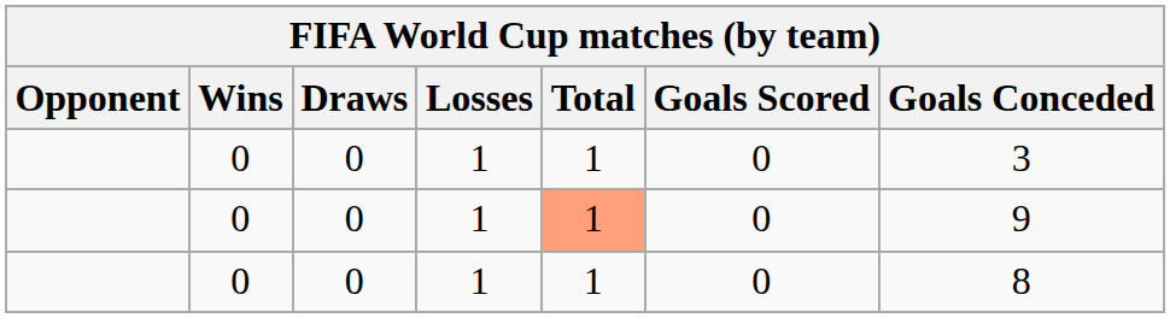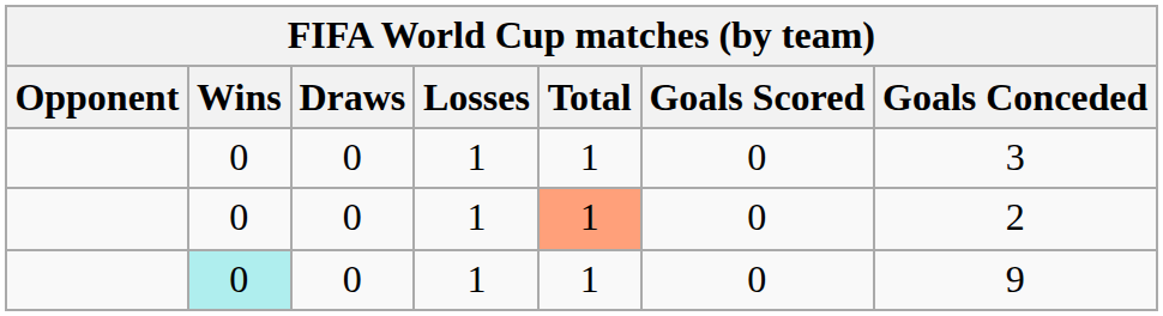 <table class="wikitable sortable" style="text-align: center;">
 <tr>
 <th colspan=7>FIFA World Cup matches (by team)</th>
 </tr>
 <tr>
 <th>Opponent</th>
 <th>Wins</th>
 <th>Draws</th>
 <th>Losses</th>
 <th>Total</th>
 <th>Goals Scored</th>
 <th>Goals Conceded</th>
 </tr>
 <tr>
 <td align="left"></td>
 <td>0</td>
 <td>0</td>
 <td>1</td>
 <td>1</td>
 <td>0</td>
 <td>3</td>
 </tr>
 <tr>
 <td align="left"></td>
 <td>0</td>
 <td>0</td>
 <td>1</td>
 <td style="background: lightsalmon;">1</td>
 <td>0</td>
-<td>9</td>
+<td>2</td>
 </tr>
 <tr>
 <td align="left"></td>
-<td>0</td>
+<td style="background: paleturquoise;">0</td>
 <td>0</td>
 <td>1</td>
 <td>1</td>
 <td>0</td>
-<td>8</td>
+<td>9</td>
 </tr>
 </table>
